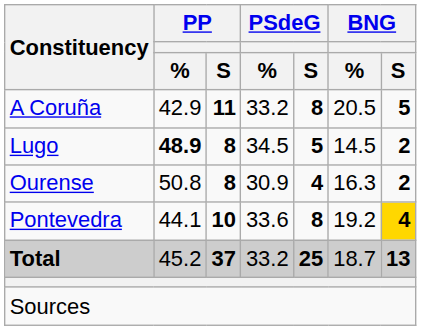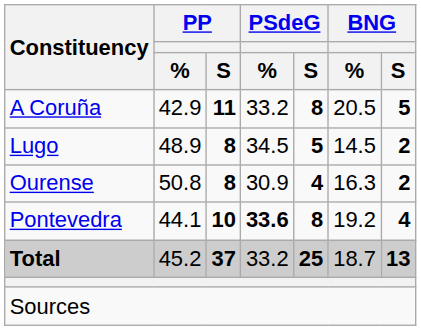 <table class="wikitable sortable" style="text-align:right; line-height:20px;">
 <tr>
 <th rowspan="3">Constituency</th>
 <th colspan="2" width="30px" class="unsortable"><a href='#'>PP</a></th>
 <th colspan="2" width="30px" class="unsortable"><a href='#'>PSdeG</a></th>
 <th colspan="2" width="30px" class="unsortable"><a href='#'>BNG</a></th>
 </tr>
 <tr>
 <th colspan="2" style="background:"></th>
 <th colspan="2" style="background:"></th>
 <th colspan="2" style="background:"></th>
 </tr>
 <tr>
 <th data-sort-type="number">%</th>
 <th data-sort-type="number">S</th>
 <th data-sort-type="number">%</th>
 <th data-sort-type="number">S</th>
 <th data-sort-type="number">%</th>
 <th data-sort-type="number">S</th>
 </tr>
 <tr>
 <td align="left"><a href='#'>A Coruña</a></td>
 <td style="background:">42.9</td>
 <td><strong>11</strong></td>
 <td>33.2</td>
 <td><strong>8</strong></td>
 <td>20.5</td>
 <td><strong>5</strong></td>
 </tr>
 <tr>
 <td align="left"><a href='#'>Lugo</a></td>
-<td style="background:"><strong>48.9</strong></td>
+<td style="background:">48.9</td>
 <td><strong>8</strong></td>
 <td>34.5</td>
 <td><strong>5</strong></td>
 <td>14.5</td>
 <td><strong>2</strong></td>
 </tr>
 <tr>
 <td align="left"><a href='#'>Ourense</a></td>
 <td style="background:">50.8</td>
 <td><strong>8</strong></td>
 <td>30.9</td>
 <td><strong>4</strong></td>
 <td>16.3</td>
 <td><strong>2</strong></td>
 </tr>
 <tr>
 <td align="left"><a href='#'>Pontevedra</a></td>
 <td style="background:">44.1</td>
 <td><strong>10</strong></td>
-<td>33.6</td>
+<td><strong>33.6</strong></td>
 <td><strong>8</strong></td>
 <td>19.2</td>
-<td style="background: gold;"><strong>4</strong></td>
+<td><strong>4</strong></td>
 </tr>
 <tr style="background:#CDCDCD;">
 <td align="left"><strong>Total</strong></td>
 <td style="background:">45.2</td>
 <td><strong>37</strong></td>
 <td>33.2</td>
 <td><strong>25</strong></td>
 <td>18.7</td>
 <td><strong>13</strong></td>
 </tr>
 <tr>
 <th colspan="7"></th>
 </tr>
 <tr>
 <th style="text-align:left; font-weight:normal; background:#F9F9F9" colspan="7">Sources</th>
 </tr>
 </table>
